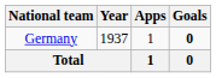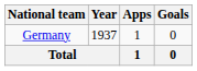 <table class="wikitable" style="text-align:center">
 <tr>
 <th>National team</th>
 <th>Year</th>
 <th>Apps</th>
 <th>Goals</th>
 </tr>
 <tr>
 <td><a href='#'>Germany</a></td>
 <td>1937</td>
 <td>1</td>
-<td><strong>0</strong></td>
+<td>0</td>
 </tr>
 <tr>
 <th colspan="2">Total</th>
 <th>1</th>
 <th>0</th>
 </tr>
 </table>
